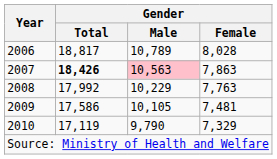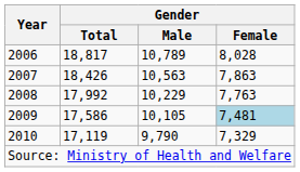 <table class="wikitable">
 <tr>
 <th rowspan="2">Year</th>
 <th colspan="3">Gender</th>
 </tr>
 <tr>
 <th>Total</th>
 <th>Male</th>
 <th>Female</th>
 </tr>
 <tr>
 <td>2006</td>
 <td>18,817</td>
 <td>10,789</td>
 <td>8,028</td>
 </tr>
 <tr>
 <td>2007</td>
-<td><strong>18,426</strong></td>
-<td style="background: pink;">10,563</td>
+<td>18,426</td>
+<td>10,563</td>
 <td>7,863</td>
 </tr>
 <tr>
 <td>2008</td>
 <td>17,992</td>
 <td>10,229</td>
 <td>7,763</td>
 </tr>
 <tr>
 <td>2009</td>
 <td>17,586</td>
 <td>10,105</td>
-<td>7,481</td>
+<td style="background: lightblue;">7,481</td>
 </tr>
 <tr>
 <td>2010</td>
 <td>17,119</td>
 <td>9,790</td>
 <td>7,329</td>
 </tr>
 <tr>
 <td colspan="4" style="text-align: center">Source: <a href='#'>Ministry of Health and Welfare</a></td>
 </tr>
 </table>
